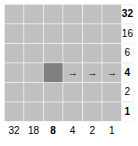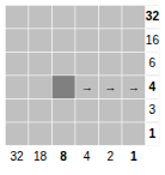 <table border="0" cellpadding="0" cellspacing="1" style="text-align:center; background-color: white; color: black;">
 <tr style="height:30px; background-color: silver;">
 <td style="width:30px;"> </td>
 <td style="width:30px;"> </td>
 <td style="width:30px;"> </td>
 <td style="width:30px;"> </td>
 <td style="width:30px;"> </td>
 <td style="width:30px;"></td>
 <td style="background-color: white;"><strong>32</strong></td>
 </tr>
 <tr style="height:30px; background-color: silver;">
 <td style="width:30px;"> </td>
 <td style="width:30px;"> </td>
 <td style="width:30px;"> </td>
 <td style="width:30px;"> </td>
 <td style="width:30px;"></td>
 <td style="width:30px;"> </td>
 <td style="background-color: white;">16</td>
 </tr>
 <tr style="height:30px; background-color: silver;">
 <td style="width:30px;"> </td>
 <td style="width:30px;"> </td>
 <td style="width:30px;"> </td>
 <td style="width:30px;"></td>
 <td style="width:30px;"> </td>
 <td style="width:30px;"> </td>
 <td style="background-color: white;">6</td>
 </tr>
 <tr style="height:30px; background-color: silver;">
 <td style="width:30px;"> </td>
 <td style="width:30px;"> </td>
 <td style="width:30px;background-color: gray;"> </td>
 <td style="width:30px;">→</td>
 <td style="width:30px;">→</td>
 <td style="width:30px;">→</td>
 <td style="background-color: white;"><strong>4</strong></td>
 </tr>
 <tr style="height:30px; background-color: silver;">
 <td style="width:30px;"> </td>
 <td style="width:30px;"> </td>
 <td style="width:30px;"></td>
 <td style="width:30px;"> </td>
 <td style="width:30px;"> </td>
 <td style="width:30px;"> </td>
-<td style="background-color: white;">2</td>
+<td style="background-color: white;">3</td>
 </tr>
 <tr style="height:30px; background-color: silver;">
 <td style="width:30px;"> </td>
 <td style="width:30px;"> </td>
 <td style="width:30px;"></td>
 <td style="width:30px;"> </td>
 <td style="width:30px;"> </td>
 <td style="width:30px;"> </td>
 <td style="background-color: white;"><strong>1</strong></td>
 </tr>
 <tr style="height:30px; background-color:white; color: black;">
 <td style="width:30px;">32</td>
 <td style="width:30px;">18</td>
 <td style="width:30px;"><strong>8</strong></td>
 <td style="width:30px;">4</td>
 <td style="width:30px;">2</td>
-<td style="width:30px;">1</td>
+<td style="width:30px;"><strong>1</strong></td>
 </tr>
 </table>
